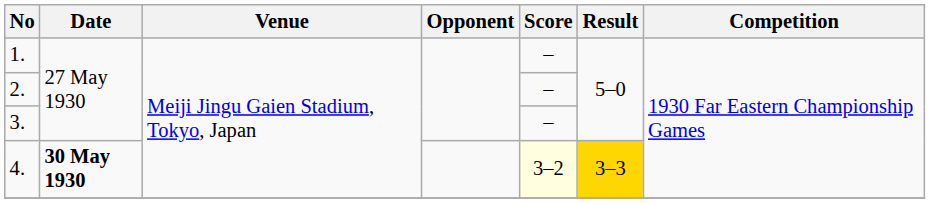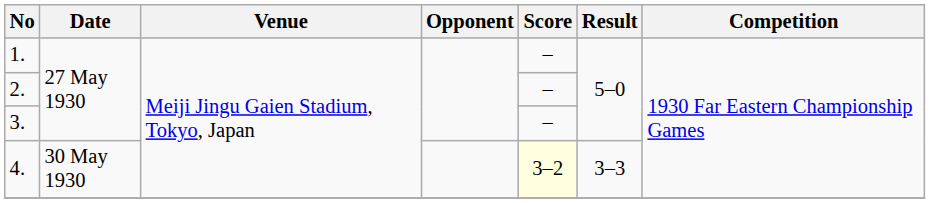 <table class="wikitable" style="font-size:85%;">
 <tr>
 <th>No</th>
 <th>Date</th>
 <th>Venue</th>
 <th>Opponent</th>
 <th>Score</th>
 <th>Result</th>
 <th>Competition</th>
 </tr>
 <tr>
 <td>1.</td>
 <td rowspan="3">27 May 1930</td>
 <td rowspan="4"><a href='#'>Meiji Jingu Gaien Stadium</a>, <a href='#'>Tokyo</a>, Japan</td>
 <td rowspan="3"></td>
 <td align=center>–</td>
 <td align=center rowspan="3">5–0</td>
 <td rowspan="4"><a href='#'>1930 Far Eastern Championship Games</a></td>
 </tr>
 <tr>
 <td>2.</td>
 <td align=center>–</td>
 </tr>
 <tr>
 <td>3.</td>
 <td align=center>–</td>
 </tr>
 <tr>
 <td>4.</td>
-<td><strong>30 May 1930</strong></td>
+<td>30 May 1930</td>
 <td></td>
 <td align=center style="background: lightyellow;">3–2</td>
-<td align=center style="background: gold;">3–3</td>
+<td align=center>3–3</td>
 </tr>
 <tr>
 </tr>
 </table>
